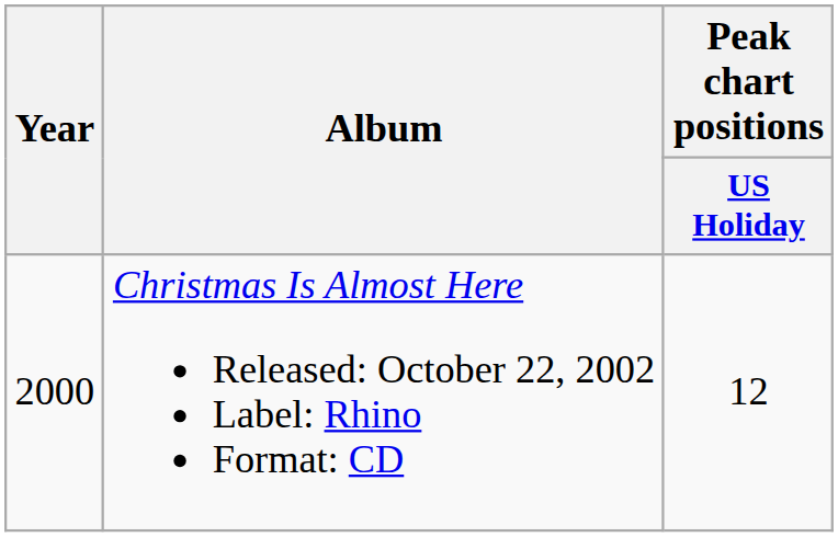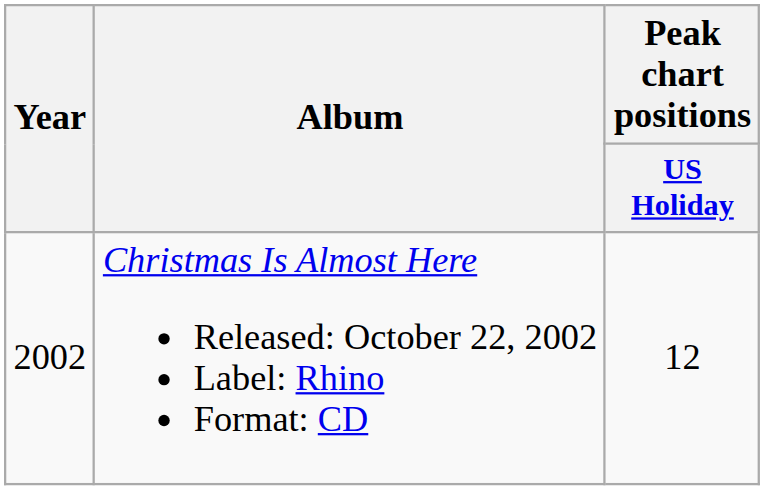 <table class=wikitable style=text-align:center;>
 <tr>
 <th rowspan="2">Year</th>
 <th rowspan="2">Album</th>
 <th colspan="1">Peak chart positions</th>
 </tr>
 <tr style="font-size:smaller;">
 <th width=40><a href='#'>US Holiday</a><br></th>
 </tr>
 <tr>
-<td>2000</td>
+<td>2002</td>
 <td align=left><em><a href='#'>Christmas Is Almost Here</a></em><br><ul><li>Released: October 22, 2002</li><li>Label: <a href='#'>Rhino</a></li><li>Format: <a href='#'>CD</a></li></ul></td>
 <td>12</td>
 </tr>
 </table>
